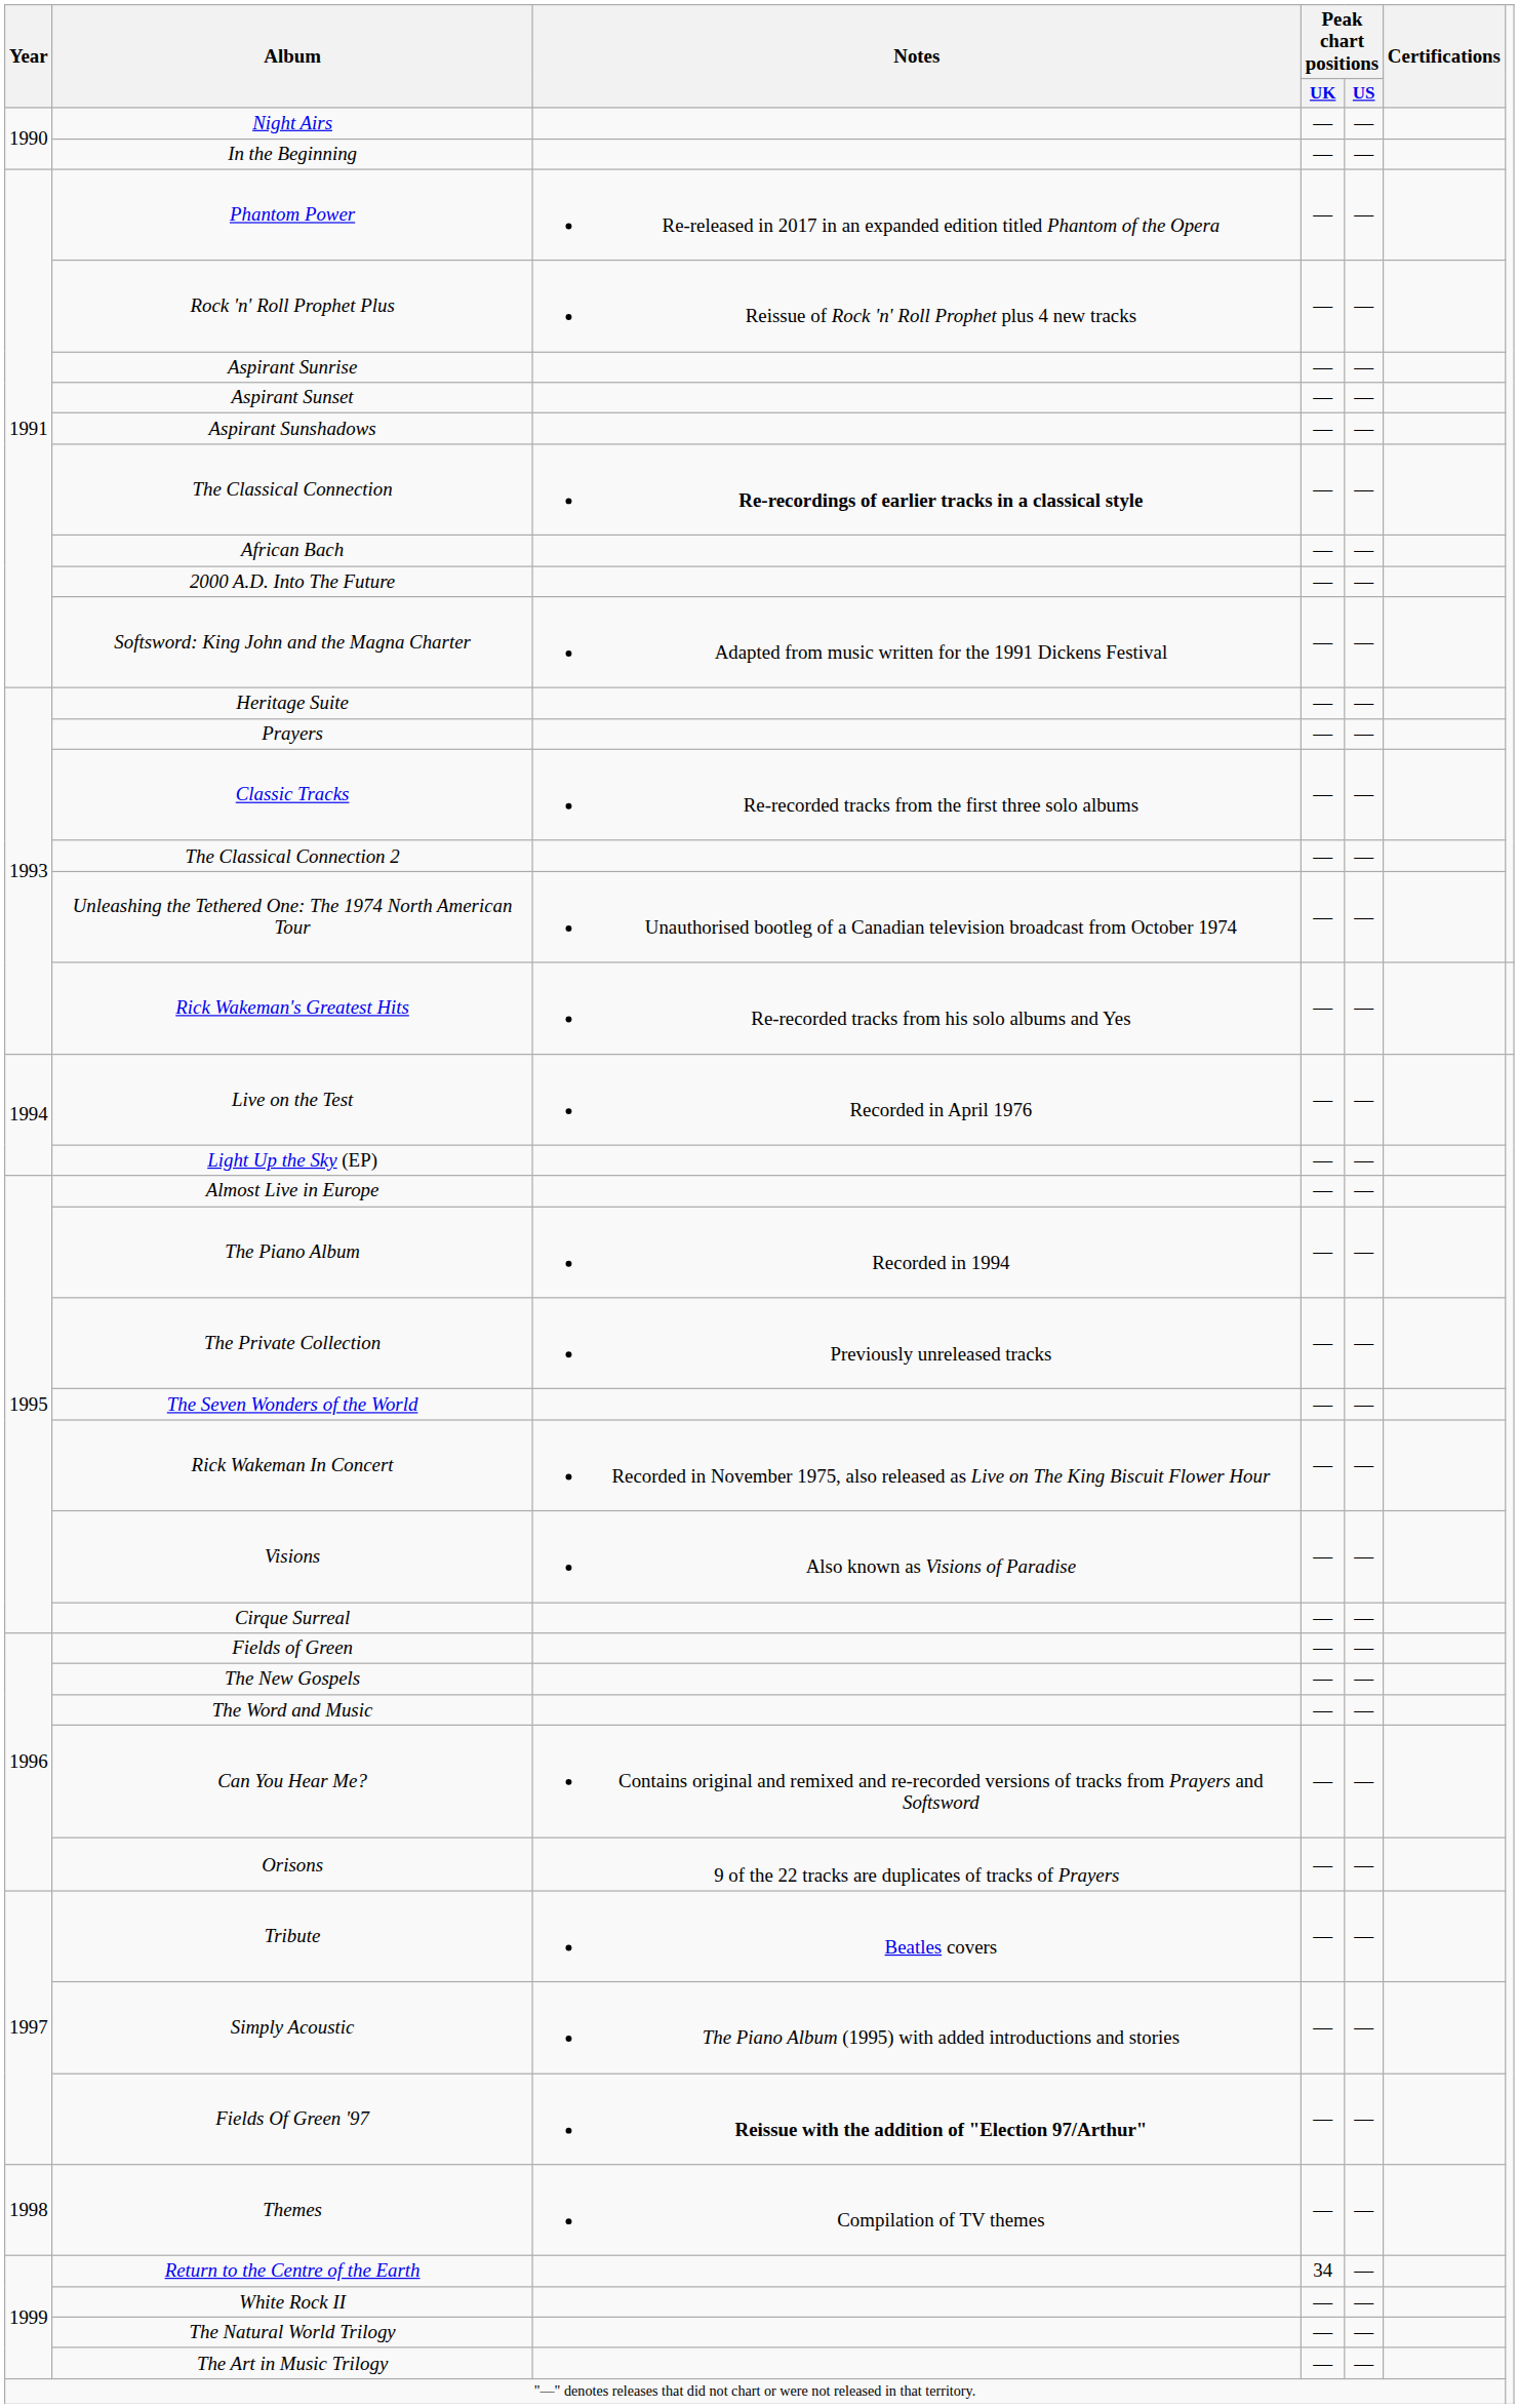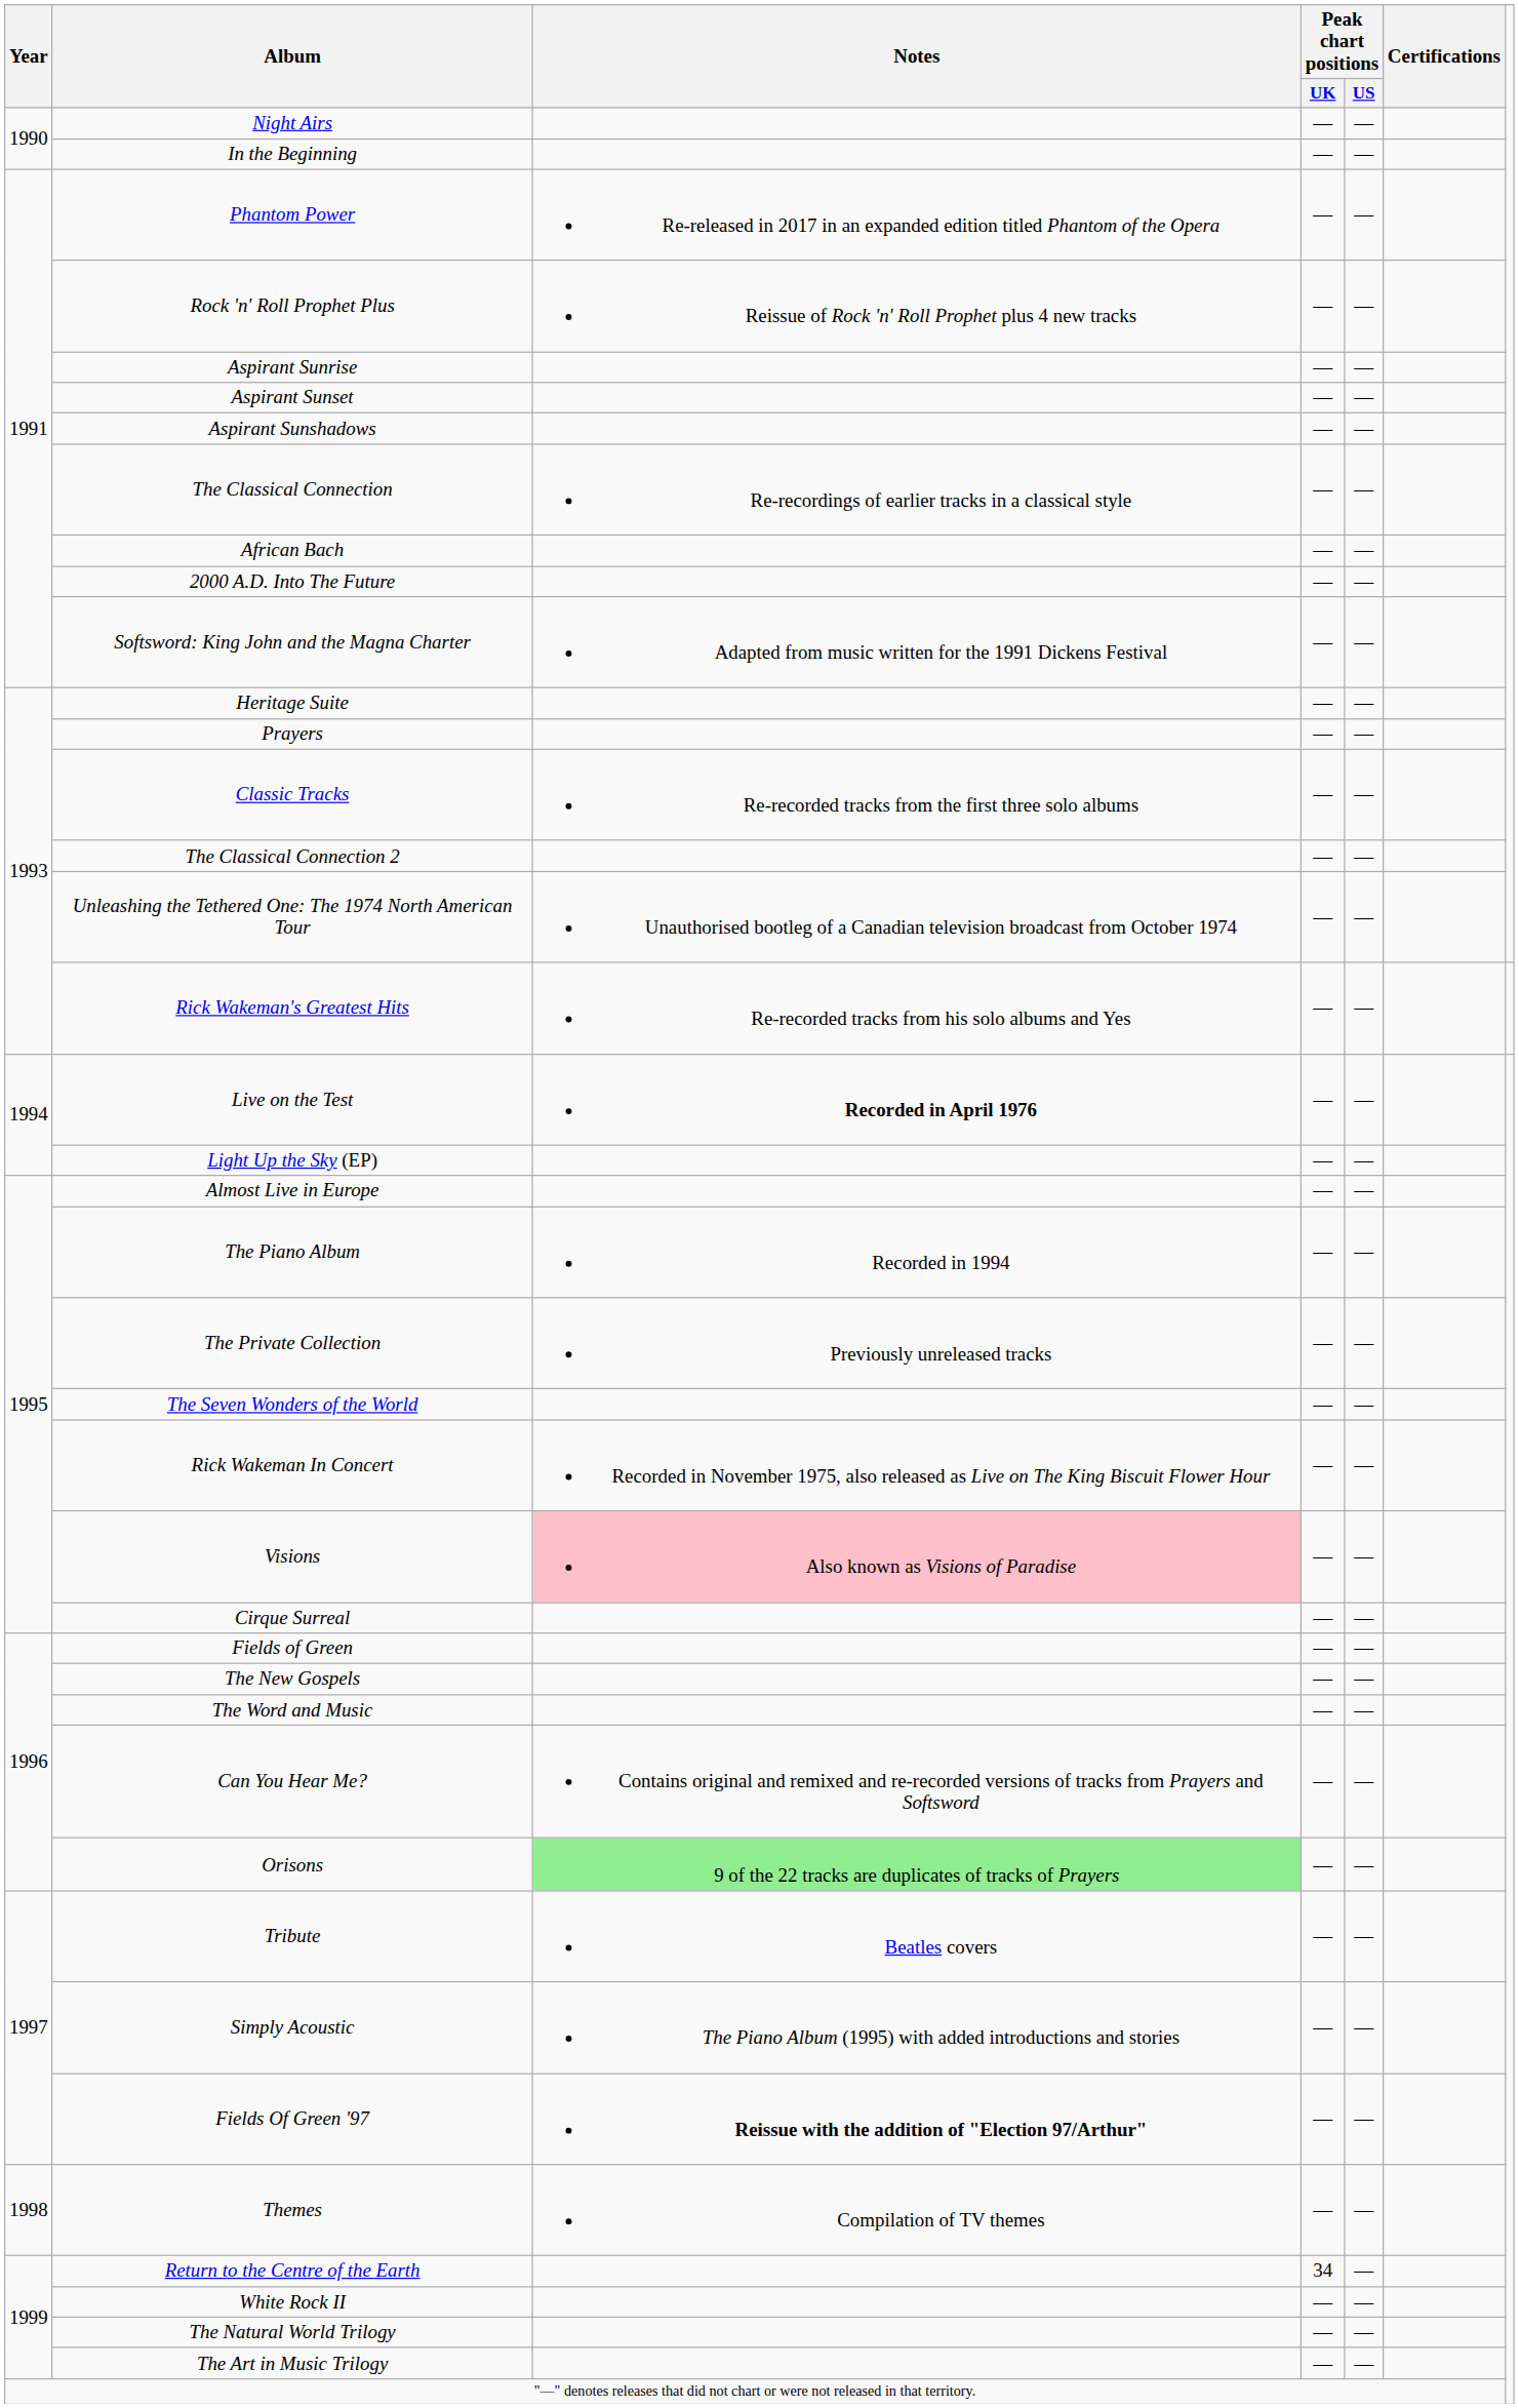 <table class="wikitable plainrowheaders" style="text-align:center;">
 <tr>
 <th rowspan=2 width="1em">Year</th>
 <th rowspan=2>Album</th>
 <th rowspan=2>Notes</th>
 <th colspan=2>Peak chart positions</th>
 <th rowspan=2>Certifications</th>
 </tr>
 <tr>
 <th style="width:1em;font-size:90%"><a href='#'>UK</a><br></th>
 <th style="width:1em;font-size:90%"><a href='#'>US</a><br></th>
 </tr>
 <tr>
 <td rowspan=2>1990</td>
 <td><em><a href='#'>Night Airs</a></em></td>
 <td></td>
 <td>—</td>
 <td>—</td>
 <td></td>
 </tr>
 <tr>
 <td><em>In the Beginning</em></td>
 <td></td>
 <td>—</td>
 <td>—</td>
 <td></td>
 </tr>
 <tr>
 <td rowspan=9>1991</td>
 <td><em><a href='#'>Phantom Power</a></em></td>
 <td><br><ul><li>Re-released in 2017 in an expanded edition titled <em>Phantom of the Opera</em></li></ul></td>
 <td>—</td>
 <td>—</td>
 <td></td>
 </tr>
 <tr>
 <td><em>Rock 'n' Roll Prophet Plus</em></td>
 <td><br><ul><li>Reissue of <em>Rock 'n' Roll Prophet</em> plus 4 new tracks</li></ul></td>
 <td>—</td>
 <td>—</td>
 <td></td>
 </tr>
 <tr>
 <td><em>Aspirant Sunrise</em></td>
 <td></td>
 <td>—</td>
 <td>—</td>
 <td></td>
 </tr>
 <tr>
 <td><em>Aspirant Sunset</em></td>
 <td></td>
 <td>—</td>
 <td>—</td>
 <td></td>
 </tr>
 <tr>
 <td><em>Aspirant Sunshadows</em></td>
 <td></td>
 <td>—</td>
 <td>—</td>
 <td></td>
 </tr>
 <tr>
 <td><em>The Classical Connection</em></td>
-<td><strong><br><ul><li>Re-recordings of earlier tracks in a classical style</li></ul></strong></td>
+<td><br><ul><li>Re-recordings of earlier tracks in a classical style</li></ul></td>
 <td>—</td>
 <td>—</td>
 <td></td>
 </tr>
 <tr>
 <td><em>African Bach</em></td>
 <td></td>
 <td>—</td>
 <td>—</td>
 <td></td>
 </tr>
 <tr>
 <td><em>2000 A.D. Into The Future</em></td>
 <td></td>
 <td>—</td>
 <td>—</td>
 <td></td>
 </tr>
 <tr>
 <td><em>Softsword: King John and the Magna Charter</em></td>
 <td><br><ul><li>Adapted from music written for the 1991 Dickens Festival</li></ul></td>
 <td>—</td>
 <td>—</td>
 <td></td>
 </tr>
 <tr>
 <td rowspan=6>1993</td>
 <td><em>Heritage Suite</em></td>
 <td></td>
 <td>—</td>
 <td>—</td>
 <td></td>
 </tr>
 <tr>
 <td><em>Prayers</em></td>
 <td></td>
 <td>—</td>
 <td>—</td>
 <td></td>
 </tr>
 <tr>
 <td><em><a href='#'>Classic Tracks</a></em></td>
 <td><br><ul><li>Re-recorded tracks from the first three solo albums</li></ul></td>
 <td>—</td>
 <td>—</td>
 <td></td>
 </tr>
 <tr>
 <td><em>The Classical Connection 2</em></td>
 <td></td>
 <td>—</td>
 <td>—</td>
 <td></td>
 </tr>
 <tr>
 <td><em>Unleashing the Tethered One: The 1974 North American Tour</em></td>
 <td><br><ul><li>Unauthorised bootleg of a Canadian television broadcast from October 1974</li></ul></td>
 <td>—</td>
 <td>—</td>
 <td></td>
 </tr>
 <tr>
 <td><em><a href='#'>Rick Wakeman's Greatest Hits</a></em></td>
 <td><br><ul><li>Re-recorded tracks from his solo albums and Yes</li></ul></td>
 <td>—</td>
 <td>—</td>
 <td></td>
 <td></td>
 </tr>
 <tr>
 <td rowspan=2>1994</td>
 <td><em>Live on the Test</em></td>
-<td><br><ul><li>Recorded in April 1976</li></ul></td>
+<td><strong><br><ul><li>Recorded in April 1976</li></ul></strong></td>
 <td>—</td>
 <td>—</td>
 <td></td>
 </tr>
 <tr>
 <td><em><a href='#'>Light Up the Sky</a></em> (EP)</td>
 <td></td>
 <td>—</td>
 <td>—</td>
 <td></td>
 </tr>
 <tr>
 <td rowspan=7>1995</td>
 <td><em>Almost Live in Europe</em></td>
 <td></td>
 <td>—</td>
 <td>—</td>
 <td></td>
 </tr>
 <tr>
 <td><em>The Piano Album</em></td>
 <td><br><ul><li>Recorded in 1994</li></ul></td>
 <td>—</td>
 <td>—</td>
 <td></td>
 </tr>
 <tr>
 <td><em>The Private Collection</em></td>
 <td><br><ul><li>Previously unreleased tracks</li></ul></td>
 <td>—</td>
 <td>—</td>
 <td></td>
 </tr>
 <tr>
 <td><em><a href='#'>The Seven Wonders of the World</a></em></td>
 <td></td>
 <td>—</td>
 <td>—</td>
 <td></td>
 </tr>
 <tr>
 <td><em>Rick Wakeman In Concert</em></td>
 <td><br><ul><li>Recorded in November 1975, also released as <em>Live on The King Biscuit Flower Hour</em></li></ul></td>
 <td>—</td>
 <td>—</td>
 <td></td>
 </tr>
 <tr>
 <td><em>Visions</em></td>
-<td><br><ul><li>Also known as <em>Visions of Paradise</em></li></ul></td>
+<td style="background: pink;"><br><ul><li>Also known as <em>Visions of Paradise</em></li></ul></td>
 <td>—</td>
 <td>—</td>
 <td></td>
 </tr>
 <tr>
 <td><em>Cirque Surreal</em></td>
 <td></td>
 <td>—</td>
 <td>—</td>
 <td></td>
 </tr>
 <tr>
 <td rowspan=5>1996</td>
 <td><em>Fields of Green</em></td>
 <td></td>
 <td>—</td>
 <td>—</td>
 <td></td>
 </tr>
 <tr>
 <td><em>The New Gospels</em></td>
 <td></td>
 <td>—</td>
 <td>—</td>
 <td></td>
 </tr>
 <tr>
 <td><em>The Word and Music</em></td>
 <td></td>
 <td>—</td>
 <td>—</td>
 <td></td>
 </tr>
 <tr>
 <td><em>Can You Hear Me?</em></td>
 <td><br><ul><li>Contains original and remixed and re-recorded versions of tracks from <em>Prayers</em> and <em>Softsword</em></li></ul></td>
 <td>—</td>
 <td>—</td>
 <td></td>
 </tr>
 <tr>
 <td><em>Orisons</em></td>
-<td><br>9 of the 22 tracks are duplicates of tracks of <em>Prayers</em></td>
+<td style="background: lightgreen;"><br>9 of the 22 tracks are duplicates of tracks of <em>Prayers</em></td>
 <td>—</td>
 <td>—</td>
 <td></td>
 </tr>
 <tr>
 <td rowspan=3>1997</td>
 <td><em>Tribute</em></td>
 <td><br><ul><li><a href='#'>Beatles</a> covers</li></ul></td>
 <td>—</td>
 <td>—</td>
 <td></td>
 </tr>
 <tr>
 <td><em>Simply Acoustic</em></td>
 <td><br><ul><li><em>The Piano Album</em> (1995) with added introductions and stories</li></ul></td>
 <td>—</td>
 <td>—</td>
 <td></td>
 </tr>
 <tr>
 <td><em>Fields Of Green '97</em></td>
 <td><strong><br><ul><li>Reissue with the addition of "Election 97/Arthur"</li></ul></strong></td>
 <td>—</td>
 <td>—</td>
 <td></td>
 </tr>
 <tr>
 <td rowspan=1>1998</td>
 <td><em>Themes</em></td>
 <td><br><ul><li>Compilation of TV themes</li></ul></td>
 <td>—</td>
 <td>—</td>
 <td></td>
 </tr>
 <tr>
 <td rowspan=4>1999</td>
 <td><em><a href='#'>Return to the Centre of the Earth</a></em></td>
 <td></td>
 <td>34</td>
 <td>—</td>
 <td></td>
 </tr>
 <tr>
 <td><em>White Rock II</em></td>
 <td></td>
 <td>—</td>
 <td>—</td>
 <td></td>
 </tr>
 <tr>
 <td><em>The Natural World Trilogy</em></td>
 <td></td>
 <td>—</td>
 <td>—</td>
 <td></td>
 </tr>
 <tr>
 <td><em>The Art in Music Trilogy</em></td>
 <td></td>
 <td>—</td>
 <td>—</td>
 <td></td>
 </tr>
 <tr>
 <td colspan="6" style="text-align:center; font-size:9pt;">"—" denotes releases that did not chart or were not released in that territory.</td>
 </tr>
 </table>
